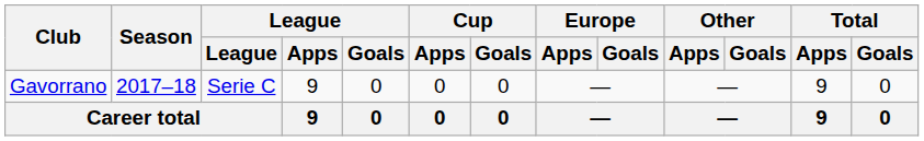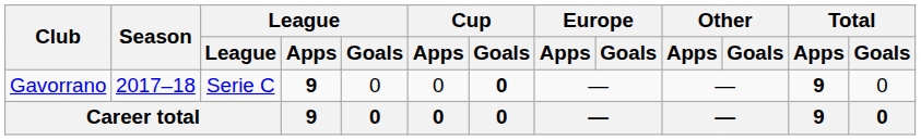 <table class="wikitable" style="text-align: center;">
 <tr>
 <th rowspan="2">Club</th>
 <th rowspan="2">Season</th>
 <th colspan="3">League</th>
 <th colspan="2">Cup</th>
 <th colspan="2">Europe</th>
 <th colspan="2">Other</th>
 <th colspan="2">Total</th>
 </tr>
 <tr>
 <th>League</th>
 <th>Apps</th>
 <th>Goals</th>
 <th>Apps</th>
 <th>Goals</th>
 <th>Apps</th>
 <th>Goals</th>
 <th>Apps</th>
 <th>Goals</th>
 <th>Apps</th>
 <th>Goals</th>
 </tr>
 <tr>
 <td><a href='#'>Gavorrano</a></td>
 <td><a href='#'>2017–18</a></td>
 <td><a href='#'>Serie C</a></td>
-<td>9</td>
+<td><strong>9</strong></td>
 <td>0</td>
 <td>0</td>
-<td>0</td>
+<td><strong>0</strong></td>
 <td colspan="2">—</td>
 <td colspan="2">—</td>
-<td>9</td>
+<td><strong>9</strong></td>
 <td>0</td>
 </tr>
 <tr>
 <th colspan="3">Career total</th>
 <th>9</th>
 <th>0</th>
 <th>0</th>
 <th>0</th>
 <th colspan="2">—</th>
 <th colspan="2">—</th>
 <th>9</th>
 <th>0</th>
 </tr>
 </table>
